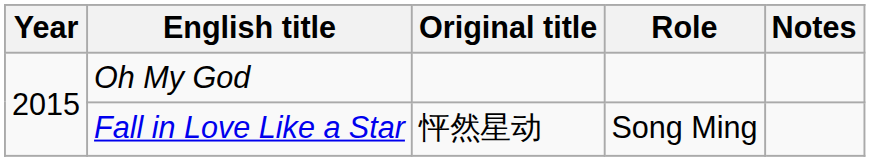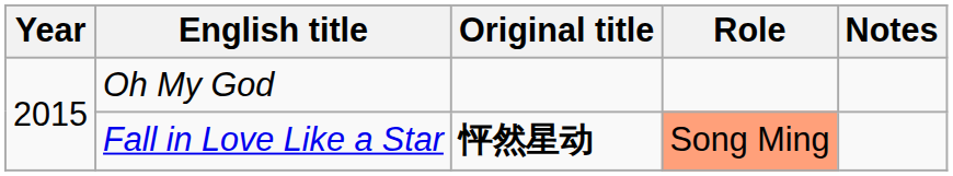 <table class="wikitable sortable">
 <tr>
 <th>Year</th>
 <th>English title</th>
 <th>Original title</th>
 <th>Role</th>
 <th>Notes</th>
 </tr>
 <tr>
 <td rowspan=2>2015</td>
 <td><em>Oh My God</em></td>
 <td></td>
 <td></td>
 <td></td>
 </tr>
 <tr>
 <td><em><a href='#'>Fall in Love Like a Star</a> </em></td>
-<td>怦然星动</td>
-<td>Song Ming</td>
+<td><strong>怦然星动</strong></td>
+<td style="background: lightsalmon;">Song Ming</td>
 <td></td>
 </tr>
 </table>
